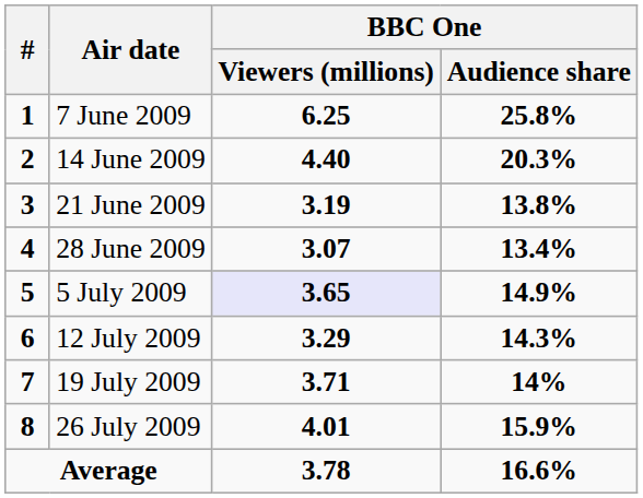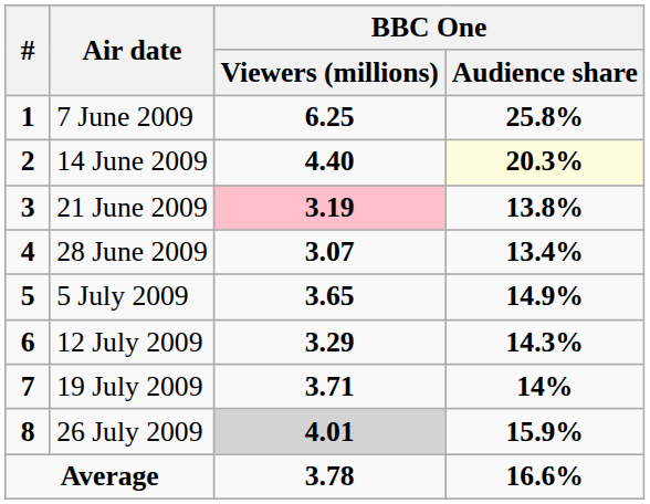 <table class="wikitable" align="center">
 <tr>
 <th rowspan="2" width="7%">#</th>
 <th rowspan="2">Air date</th>
 <th colspan="2">BBC One</th>
 </tr>
 <tr>
 <th>Viewers (millions)</th>
 <th>Audience share</th>
 </tr>
 <tr>
 <td style="text-align:center;"><strong>1</strong></td>
 <td>7 June 2009</td>
 <td style="text-align:center;"><strong>6.25</strong></td>
 <td style="text-align:center;"><strong>25.8%</strong></td>
 </tr>
 <tr>
 <td style="text-align:center;"><strong>2</strong></td>
 <td>14 June 2009</td>
 <td style="text-align:center;"><strong>4.40</strong></td>
-<td style="text-align:center;"><strong>20.3%</strong></td>
+<td style="background: lightyellow; text-align:center;"><strong>20.3%</strong></td>
 </tr>
 <tr>
 <td style="text-align:center;"><strong>3</strong></td>
 <td>21 June 2009</td>
-<td style="text-align:center;"><strong>3.19</strong></td>
+<td style="background: pink; text-align:center;"><strong>3.19</strong></td>
 <td style="text-align:center;"><strong>13.8%</strong></td>
 </tr>
 <tr>
 <td style="text-align:center;"><strong>4</strong></td>
 <td>28 June 2009</td>
 <td style="text-align:center;"><strong>3.07</strong></td>
 <td style="text-align:center;"><strong>13.4%</strong></td>
 </tr>
 <tr>
 <td style="text-align:center;"><strong>5</strong></td>
 <td>5 July 2009</td>
-<td style="background: lavender; text-align:center;"><strong>3.65</strong></td>
+<td style="text-align:center;"><strong>3.65</strong></td>
 <td style="text-align:center;"><strong>14.9%</strong></td>
 </tr>
 <tr>
 <td style="text-align:center;"><strong>6</strong></td>
 <td>12 July 2009</td>
 <td style="text-align:center;"><strong>3.29</strong></td>
 <td style="text-align:center;"><strong>14.3%</strong></td>
 </tr>
 <tr>
 <td style="text-align:center;"><strong>7</strong></td>
 <td>19 July 2009</td>
 <td style="text-align:center;"><strong>3.71</strong></td>
 <td style="text-align:center;"><strong>14%</strong></td>
 </tr>
 <tr>
 <td style="text-align:center;"><strong>8</strong></td>
 <td>26 July 2009</td>
-<td style="text-align:center;"><strong>4.01</strong></td>
+<td style="background: lightgrey; text-align:center;"><strong>4.01</strong></td>
 <td style="text-align:center;"><strong>15.9%</strong></td>
 </tr>
 <tr>
 <td colspan="2" style="text-align:center;"><strong>Average</strong></td>
 <td style="text-align:center;"><strong>3.78</strong></td>
 <td style="text-align:center;"><strong>16.6%</strong></td>
 </tr>
 </table>
